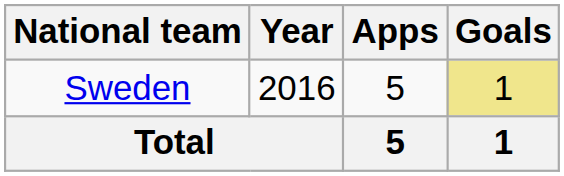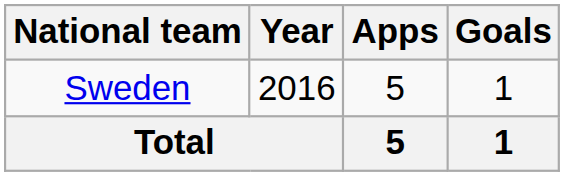 <table class="wikitable" style="text-align:center">
 <tr>
 <th>National team</th>
 <th>Year</th>
 <th>Apps</th>
 <th>Goals</th>
 </tr>
 <tr>
 <td><a href='#'>Sweden</a></td>
 <td>2016</td>
 <td>5</td>
-<td style="background: khaki;">1</td>
+<td>1</td>
 </tr>
 <tr>
 <th colspan="2">Total</th>
 <th>5</th>
 <th>1</th>
 </tr>
 </table>
